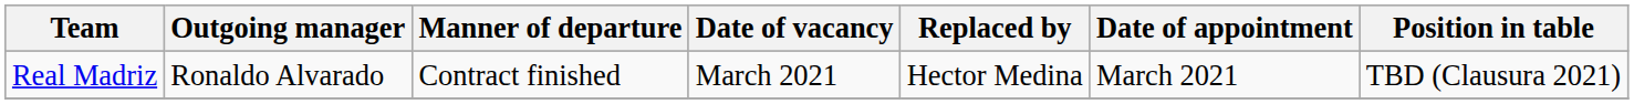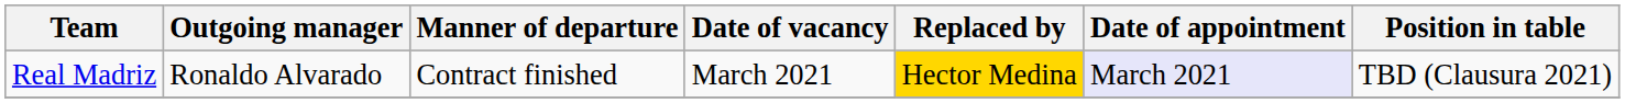 <table class="wikitable">
 <tr>
 <th>Team</th>
 <th>Outgoing manager</th>
 <th>Manner of departure</th>
 <th>Date of vacancy</th>
 <th>Replaced by</th>
 <th>Date of appointment</th>
 <th>Position in table</th>
 </tr>
 <tr>
 <td><a href='#'>Real Madriz</a></td>
 <td> Ronaldo Alvarado</td>
 <td>Contract finished</td>
 <td>March 2021</td>
-<td> Hector Medina</td>
-<td>March 2021</td>
+<td style="background: gold;"> Hector Medina</td>
+<td style="background: lavender;">March 2021</td>
 <td>TBD (Clausura 2021)</td>
 </tr>
 <tr>
 </tr>
 </table>
